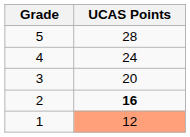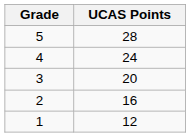 <table class="wikitable" border="1" style="text-align:center; margin-left:1em;">
 <tr>
 <th width="75">Grade</th>
 <th width="125">UCAS Points</th>
 </tr>
 <tr>
 <td align="center">5</td>
 <td>28</td>
 </tr>
 <tr>
 <td align="center">4</td>
 <td>24</td>
 </tr>
 <tr>
 <td align="center">3</td>
 <td>20</td>
 </tr>
 <tr>
 <td align="center">2</td>
-<td><strong>16</strong></td>
+<td>16</td>
 </tr>
 <tr>
 <td align="center">1</td>
-<td style="background: lightsalmon;">12</td>
+<td>12</td>
 </tr>
 </table>
